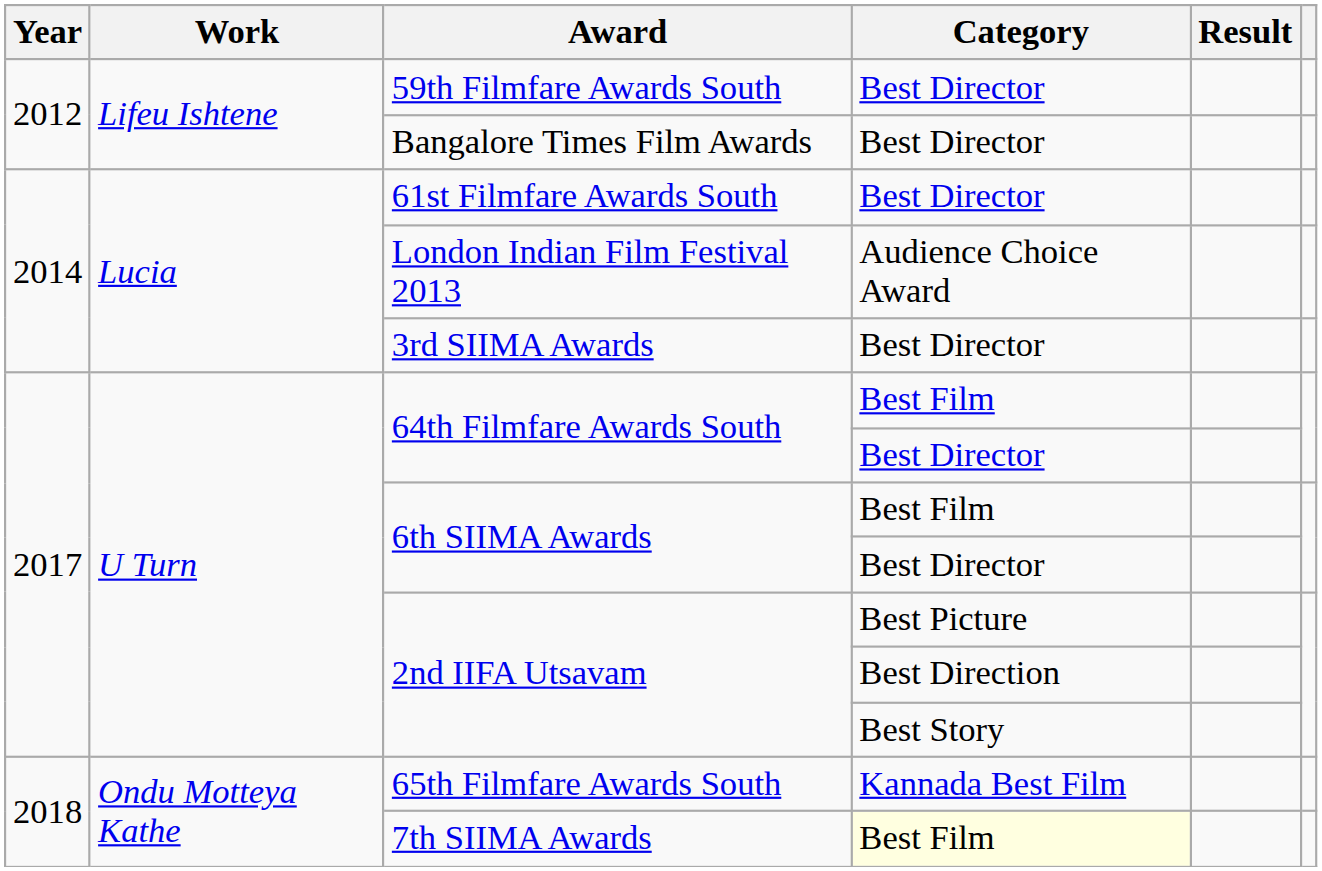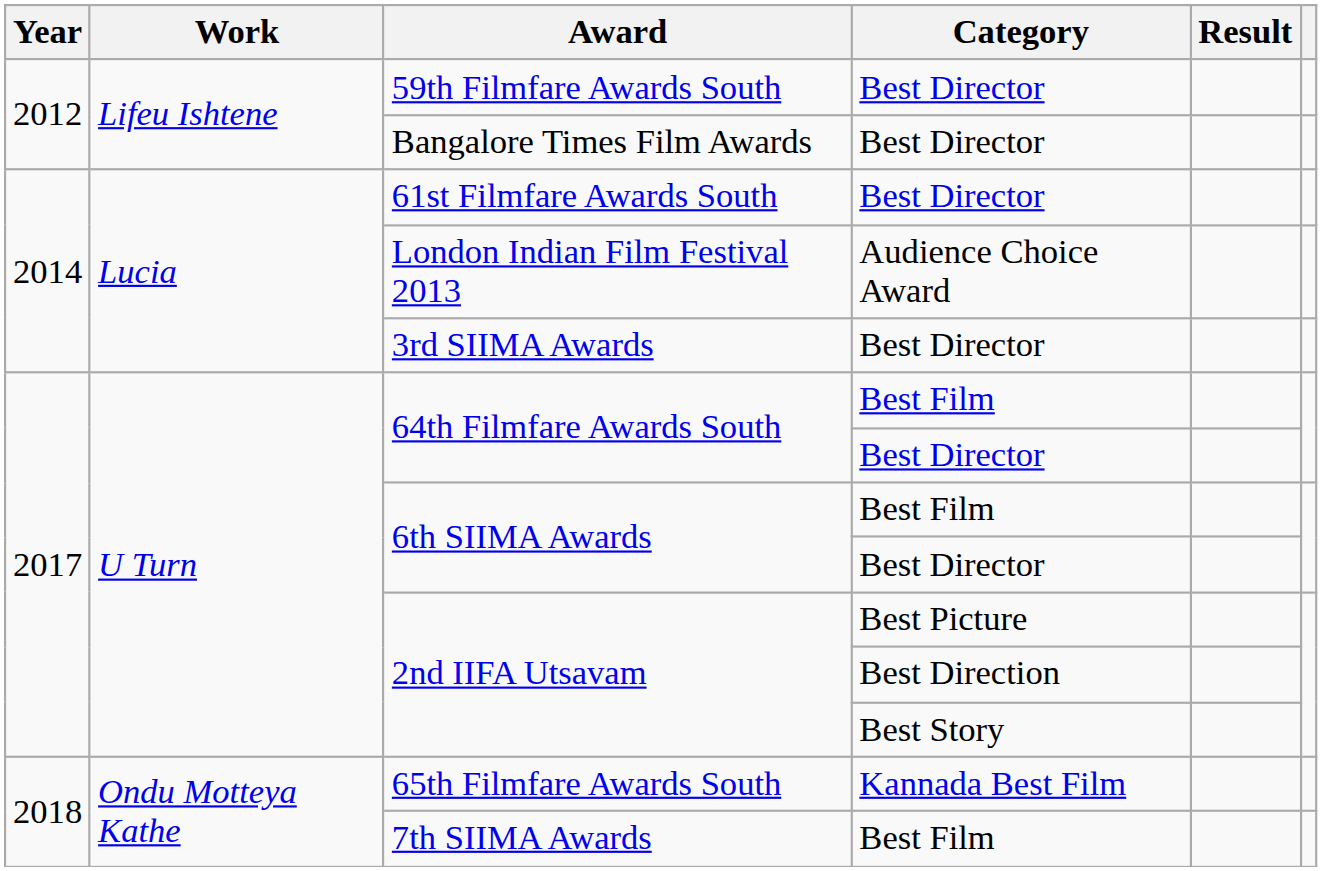 <table class="wikitable sortable">
 <tr>
 <th scope="col">Year</th>
 <th scope="col">Work</th>
 <th scope="col">Award</th>
 <th scope="col">Category</th>
 <th scope="col">Result</th>
 <th scope="col" class="unsortable"></th>
 </tr>
 <tr>
 <td rowspan="2">2012</td>
 <td rowspan=2><em><a href='#'>Lifeu Ishtene</a></em></td>
 <td><a href='#'>59th Filmfare Awards South</a></td>
 <td><a href='#'>Best Director</a></td>
 <td></td>
 <td></td>
 </tr>
 <tr>
 <td>Bangalore Times Film Awards</td>
 <td>Best Director</td>
 <td></td>
 <td></td>
 </tr>
 <tr>
 <td rowspan="3">2014</td>
 <td rowspan=3><em><a href='#'>Lucia</a></em></td>
 <td><a href='#'>61st Filmfare Awards South</a></td>
 <td><a href='#'>Best Director</a></td>
 <td></td>
 <td></td>
 </tr>
 <tr>
 <td><a href='#'>London Indian Film Festival 2013</a></td>
 <td>Audience Choice Award</td>
 <td></td>
 <td></td>
 </tr>
 <tr>
 <td><a href='#'>3rd SIIMA Awards</a></td>
 <td>Best Director</td>
 <td></td>
 <td></td>
 </tr>
 <tr>
 <td rowspan="7">2017</td>
 <td rowspan=7><em><a href='#'>U Turn</a></em></td>
 <td rowspan=2><a href='#'>64th Filmfare Awards South</a></td>
 <td><a href='#'>Best Film</a></td>
 <td></td>
 <td rowspan=2><br></td>
 </tr>
 <tr>
 <td><a href='#'>Best Director</a></td>
 <td></td>
 </tr>
 <tr>
 <td rowspan=2><a href='#'>6th SIIMA Awards</a></td>
 <td>Best Film</td>
 <td></td>
 <td rowspan=2></td>
 </tr>
 <tr>
 <td>Best Director</td>
 <td></td>
 </tr>
 <tr>
 <td rowspan=3><a href='#'>2nd IIFA Utsavam</a></td>
 <td>Best Picture</td>
 <td></td>
 <td rowspan=3></td>
 </tr>
 <tr>
 <td>Best Direction</td>
 <td></td>
 </tr>
 <tr>
 <td>Best Story</td>
 <td></td>
 </tr>
 <tr>
 <td rowspan="2">2018</td>
 <td rowspan=2><em><a href='#'>Ondu Motteya Kathe</a></em></td>
 <td><a href='#'>65th Filmfare Awards South</a></td>
 <td><a href='#'>Kannada Best Film</a></td>
 <td></td>
 <td></td>
 </tr>
 <tr>
 <td><a href='#'>7th SIIMA Awards</a></td>
-<td style="background: lightyellow;">Best Film</td>
+<td>Best Film</td>
 <td></td>
 <td></td>
 </tr>
 </table>
